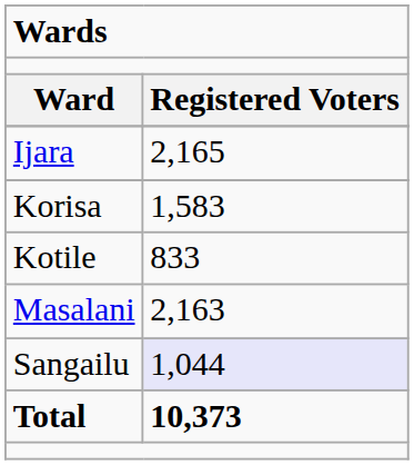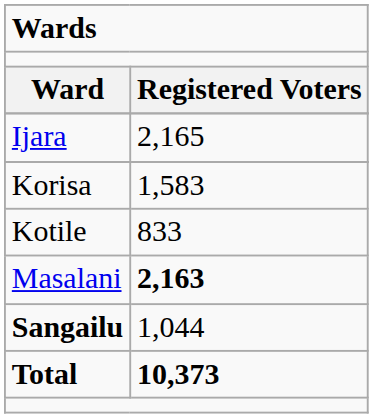 <table class="wikitable">
 <tr>
 <td colspan="2"><strong>Wards</strong></td>
 </tr>
 <tr>
 <td colspan="2"></td>
 </tr>
 <tr>
 <th>Ward</th>
 <th>Registered Voters</th>
 </tr>
 <tr>
 </tr>
 <tr>
 <td><a href='#'>Ijara</a></td>
 <td>2,165</td>
 </tr>
 <tr>
 </tr>
 <tr>
 <td>Korisa</td>
 <td>1,583</td>
 </tr>
 <tr>
 <td>Kotile</td>
 <td>833</td>
 </tr>
 <tr>
 <td><a href='#'>Masalani</a></td>
-<td>2,163</td>
+<td><strong>2,163</strong></td>
 </tr>
 <tr>
-<td>Sangailu</td>
-<td style="background: lavender;">1,044</td>
+<td><strong>Sangailu</strong></td>
+<td>1,044</td>
 </tr>
 <tr>
 <td><strong>Total</strong></td>
 <td><strong>10,373</strong></td>
 </tr>
 <tr>
 <td colspan="2"></td>
 </tr>
 </table>
